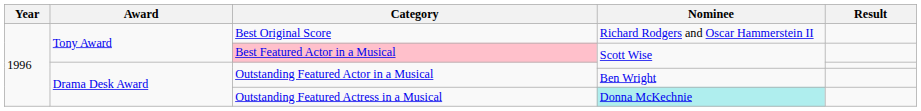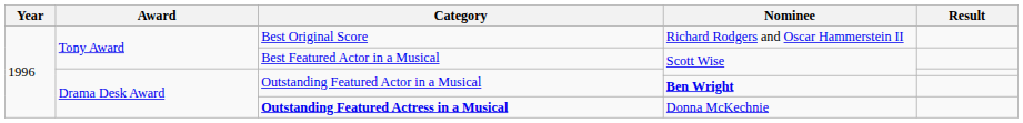 <table class="wikitable" width="95%">
 <tr>
 <th width="5%">Year</th>
 <th width="20%">Award</th>
 <th width="40%">Category</th>
 <th width="25%">Nominee</th>
 <th>Result</th>
 </tr>
 <tr>
 <td rowspan="5">1996</td>
 <td rowspan="2"><a href='#'>Tony Award</a></td>
 <td><a href='#'>Best Original Score</a></td>
 <td><a href='#'>Richard Rodgers</a> and <a href='#'>Oscar Hammerstein II</a></td>
 <td></td>
 </tr>
 <tr>
-<td style="background: pink;"><a href='#'>Best Featured Actor in a Musical</a></td>
+<td><a href='#'>Best Featured Actor in a Musical</a></td>
 <td rowspan="2"><a href='#'>Scott Wise</a></td>
 <td></td>
 </tr>
 <tr>
 <td rowspan="3"><a href='#'>Drama Desk Award</a></td>
 <td rowspan="2"><a href='#'>Outstanding Featured Actor in a Musical</a></td>
 <td></td>
 </tr>
 <tr>
-<td><a href='#'>Ben Wright</a></td>
+<td><strong><a href='#'>Ben Wright</a></strong></td>
 <td></td>
 </tr>
 <tr>
-<td><a href='#'>Outstanding Featured Actress in a Musical</a></td>
-<td style="background: paleturquoise;"><a href='#'>Donna McKechnie</a></td>
+<td><strong><a href='#'>Outstanding Featured Actress in a Musical</a></strong></td>
+<td><a href='#'>Donna McKechnie</a></td>
 <td></td>
 </tr>
 </table>
